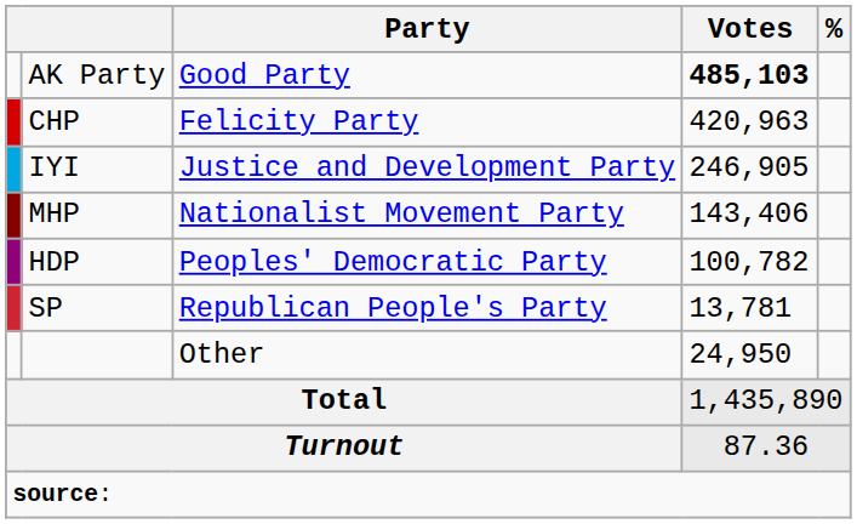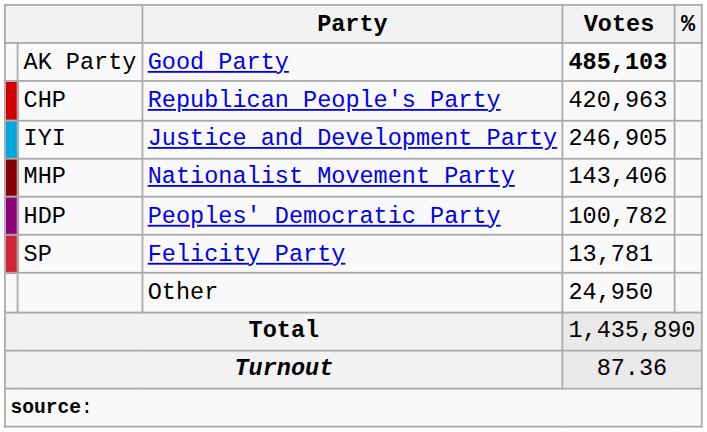 <table class="wikitable">
 <tr>
 <th colspan="2" align="center"></th>
 <th align="center">Party</th>
 <th align="center">Votes</th>
 <th align="center">%</th>
 </tr>
 <tr align="left">
 <td></td>
 <td>AK Party</td>
 <td><a href='#'>Good Party</a></td>
 <td><strong>485,103</strong></td>
 <td><strong></strong></td>
 </tr>
 <tr align="left">
 <td bgcolor="#d50000" width="1"></td>
 <td>CHP</td>
-<td><a href='#'>Felicity Party</a></td>
+<td><a href='#'>Republican People's Party</a></td>
 <td>420,963</td>
 <td></td>
 </tr>
 <tr align="left">
 <td bgcolor="#01A7E1" width="1"></td>
 <td>IYI</td>
 <td><a href='#'>Justice and Development Party</a></td>
 <td>246,905</td>
 <td></td>
 </tr>
 <tr align="left">
 <td bgcolor="#870000" width="1"></td>
 <td>MHP</td>
 <td><a href='#'>Nationalist Movement Party</a></td>
 <td>143,406</td>
 <td></td>
 </tr>
 <tr align="left">
 <td bgcolor="#91007B" width="1"></td>
 <td>HDP</td>
 <td><a href='#'>Peoples' Democratic Party</a></td>
 <td>100,782</td>
 <td></td>
 </tr>
 <tr align="left">
 <td bgcolor="#D02433" width="1"></td>
 <td>SP</td>
-<td><a href='#'>Republican People's Party</a></td>
+<td><a href='#'>Felicity Party</a></td>
 <td>13,781</td>
 <td></td>
 </tr>
 <tr align="left">
 <td bgcolor="" width="1"></td>
 <td></td>
 <td>Other</td>
 <td>24,950</td>
 <td></td>
 </tr>
 <tr align="left" style="background-color:#E9E9E9">
 <th colspan="3" align="center"><strong>Total</strong></th>
 <td colspan="5" align="center">1,435,890</td>
 </tr>
 <tr align="left" style="background-color:#E9E9E9">
 <th colspan="3" align="center"><em>Turnout</em></th>
 <td colspan="5" align="center">87.36</td>
 </tr>
 <tr>
 <td colspan="9" align="left"><small><strong>source</strong>: </small></td>
 </tr>
 </table>
